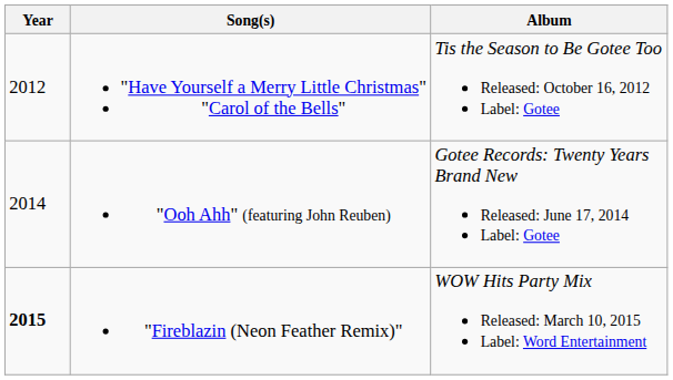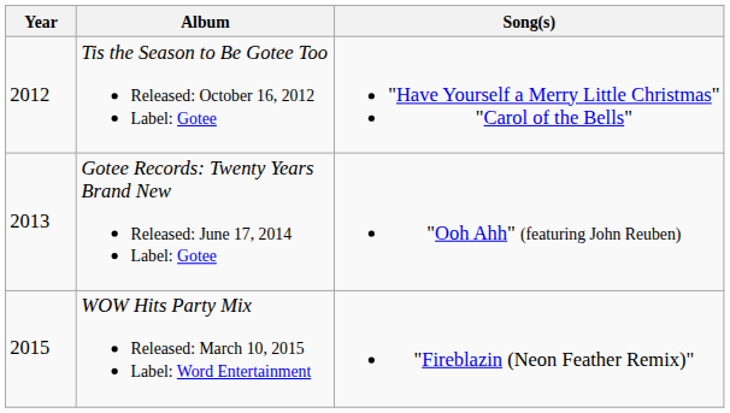 <table class="wikitable">
 <tr>
 <th style="width:50px;"><small>Year</small></th>
+<th style="width:200px;"><small>Album</small></th>
 <th><small>Song(s)</small></th>
-<th style="width:200px;"><small>Album</small></th>
 </tr>
 <tr>
 <td>2012</td>
+<td><em>Tis the Season to Be Gotee Too</em><br><ul><li><small>Released: October 16, 2012</small></li><li><small>Label: <a href='#'>Gotee</a></small></li></ul></td>
 <td style="text-align:center;"><br><ul><li>"<a href='#'>Have Yourself a Merry Little Christmas</a>"</li><li>"<a href='#'>Carol of the Bells</a>"</li></ul></td>
-<td><em>Tis the Season to Be Gotee Too</em><br><ul><li><small>Released: October 16, 2012</small></li><li><small>Label: <a href='#'>Gotee</a></small></li></ul></td>
 </tr>
 <tr>
-<td>2014</td>
+<td>2013</td>
+<td><em>Gotee Records: Twenty Years Brand New</em><br><ul><li><small>Released: June 17, 2014</small></li><li><small>Label: <a href='#'>Gotee</a></small></li></ul></td>
 <td style="text-align:center;"><br><ul><li>"<a href='#'>Ooh Ahh</a>" <small>(featuring John Reuben)</small></li></ul></td>
-<td><em>Gotee Records: Twenty Years Brand New</em><br><ul><li><small>Released: June 17, 2014</small></li><li><small>Label: <a href='#'>Gotee</a></small></li></ul></td>
 </tr>
 <tr>
-<td><strong>2015</strong></td>
+<td>2015</td>
+<td><em>WOW Hits Party Mix</em><br><ul><li><small>Released: March 10, 2015</small></li><li><small>Label: <a href='#'>Word Entertainment</a></small></li></ul></td>
 <td style="text-align:center;"><br><ul><li>"<a href='#'>Fireblazin</a> (Neon Feather Remix)"</li></ul></td>
-<td><em>WOW Hits Party Mix</em><br><ul><li><small>Released: March 10, 2015</small></li><li><small>Label: <a href='#'>Word Entertainment</a></small></li></ul></td>
 </tr>
 </table>
